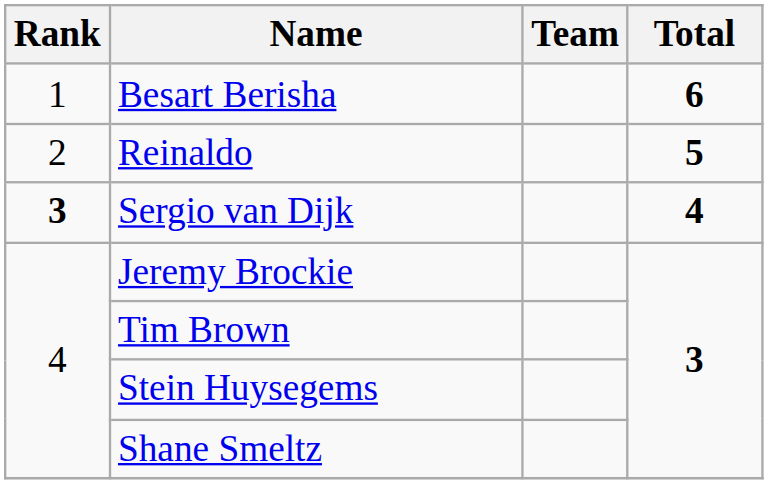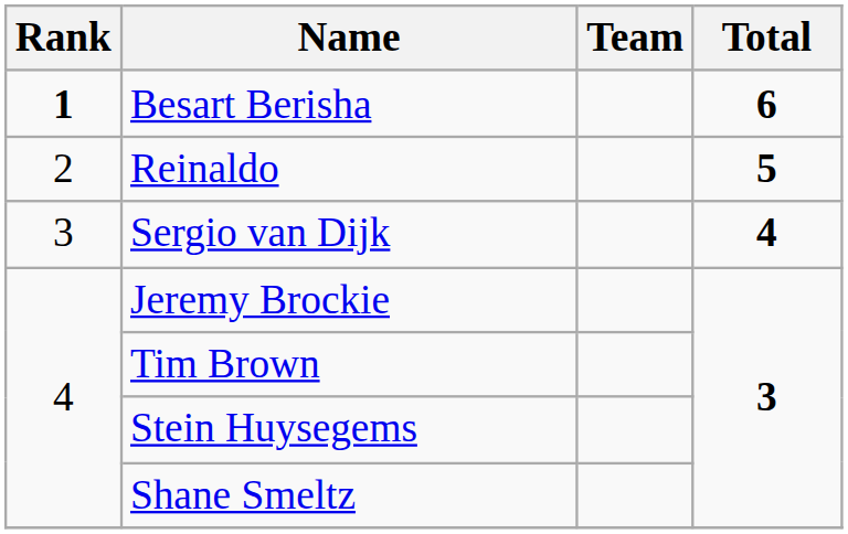 <table class="wikitable" style="text-align:center;">
 <tr>
 <th width=30>Rank</th>
 <th width=170>Name</th>
 <th width=25>Team</th>
 <th width=50>Total</th>
 </tr>
 <tr>
-<td>1</td>
+<td><strong>1</strong></td>
 <td align=left> <a href='#'>Besart Berisha</a></td>
 <td></td>
 <td><strong>6</strong></td>
 </tr>
 <tr>
 <td>2</td>
 <td align=left> <a href='#'>Reinaldo</a></td>
 <td></td>
 <td><strong>5</strong></td>
 </tr>
 <tr>
-<td><strong>3</strong></td>
+<td>3</td>
 <td align=left> <a href='#'>Sergio van Dijk</a></td>
 <td></td>
 <td><strong>4</strong></td>
 </tr>
 <tr>
 <td rowspan=4>4</td>
 <td align=left> <a href='#'>Jeremy Brockie</a></td>
 <td></td>
 <td rowspan=4><strong>3</strong></td>
 </tr>
 <tr>
 <td align=left> <a href='#'>Tim Brown</a></td>
 <td></td>
 </tr>
 <tr>
 <td align=left> <a href='#'>Stein Huysegems</a></td>
 <td></td>
 </tr>
 <tr>
 <td align=left> <a href='#'>Shane Smeltz</a></td>
 <td></td>
 </tr>
 <tr>
 </tr>
 </table>
